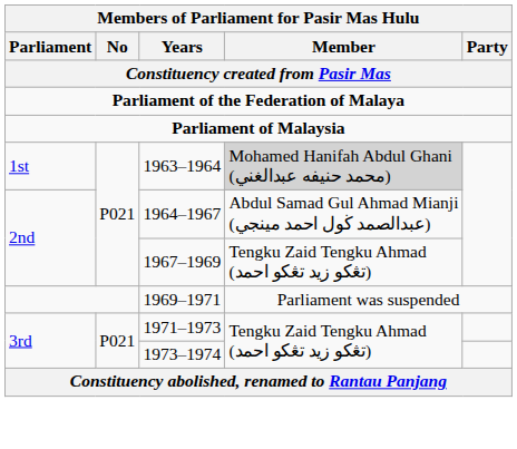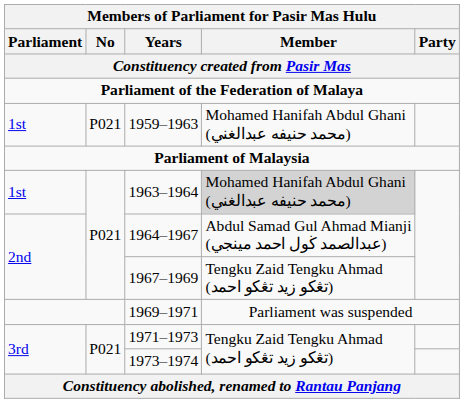 <table class=wikitable>
 <tr>
 <th colspan="5">Members of Parliament for Pasir Mas Hulu</th>
 </tr>
 <tr>
 <th>Parliament</th>
 <th>No</th>
 <th>Years</th>
 <th>Member</th>
 <th>Party</th>
 </tr>
 <tr>
 <th colspan="5" align="center"><em>Constituency created from <a href='#'>Pasir Mas</a></em></th>
 </tr>
 <tr>
 <td colspan="5" align="center"><strong>Parliament of the Federation of Malaya</strong></td>
+</tr>
+<tr>
+<td><a href='#'>1st</a></td>
+<td>P021</td>
+<td>1959–1963</td>
+<td>Mohamed Hanifah Abdul Ghani <br>  (محمد حنيفه عبدالغني)</td>
+<td></td>
 </tr>
 <tr>
 <td colspan="5" align="center"><strong>Parliament of Malaysia</strong></td>
 </tr>
 <tr>
 <td><a href='#'>1st</a></td>
 <td rowspan="3">P021</td>
 <td>1963–1964</td>
 <td style="background: lightgrey;">Mohamed Hanifah Abdul Ghani <br>  (محمد حنيفه عبدالغني)</td>
 <td rowspan=3></td>
 </tr>
 <tr>
 <td rowspan=2><a href='#'>2nd</a></td>
 <td>1964–1967</td>
 <td>Abdul Samad Gul Ahmad Mianji <br>  (عبدالصمد ڬول احمد مينجي)</td>
 </tr>
 <tr>
 <td>1967–1969</td>
 <td>Tengku Zaid Tengku Ahmad  <br> (تڠكو زيد تڠكو احمد)</td>
 </tr>
 <tr>
 <td colspan="2"></td>
 <td>1969–1971</td>
 <td colspan="2" align="center">Parliament was suspended</td>
 </tr>
 <tr>
 <td rowspan=2><a href='#'>3rd</a></td>
 <td rowspan="2">P021</td>
 <td>1971–1973</td>
 <td rowspan="2">Tengku Zaid Tengku Ahmad <br>  (تڠكو زيد تڠكو احمد)</td>
 <td></td>
 </tr>
 <tr>
 <td>1973–1974</td>
 <td></td>
 </tr>
 <tr>
 <th colspan="5" align="center"><em>Constituency abolished, renamed to <a href='#'>Rantau Panjang</a></em></th>
 </tr>
 </table>
